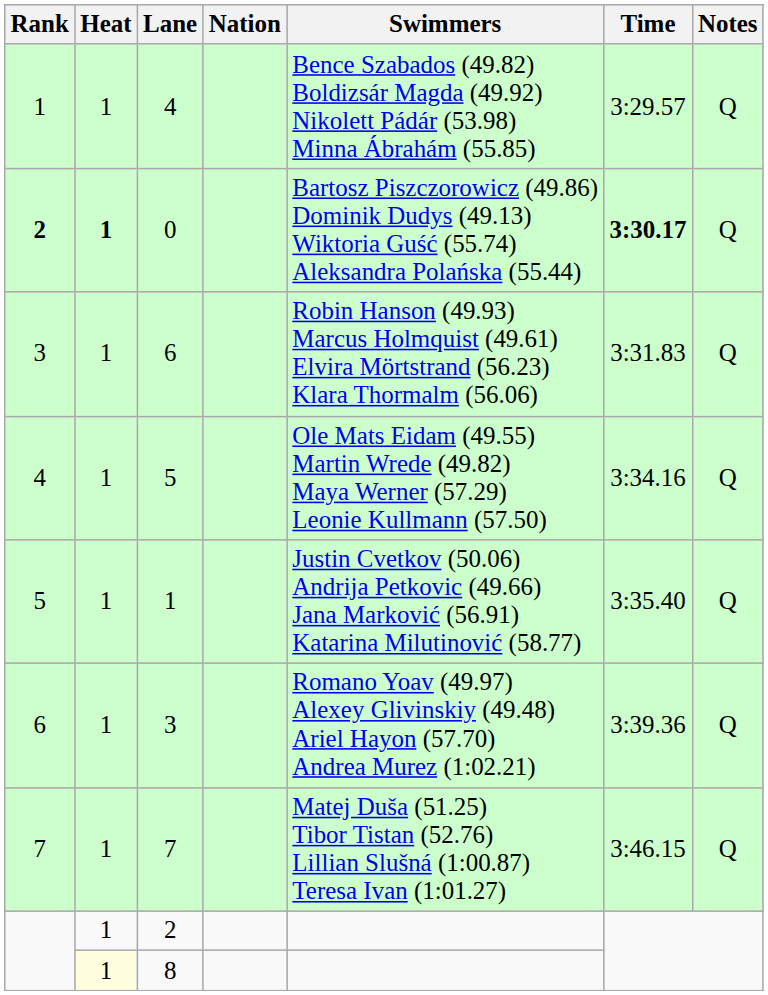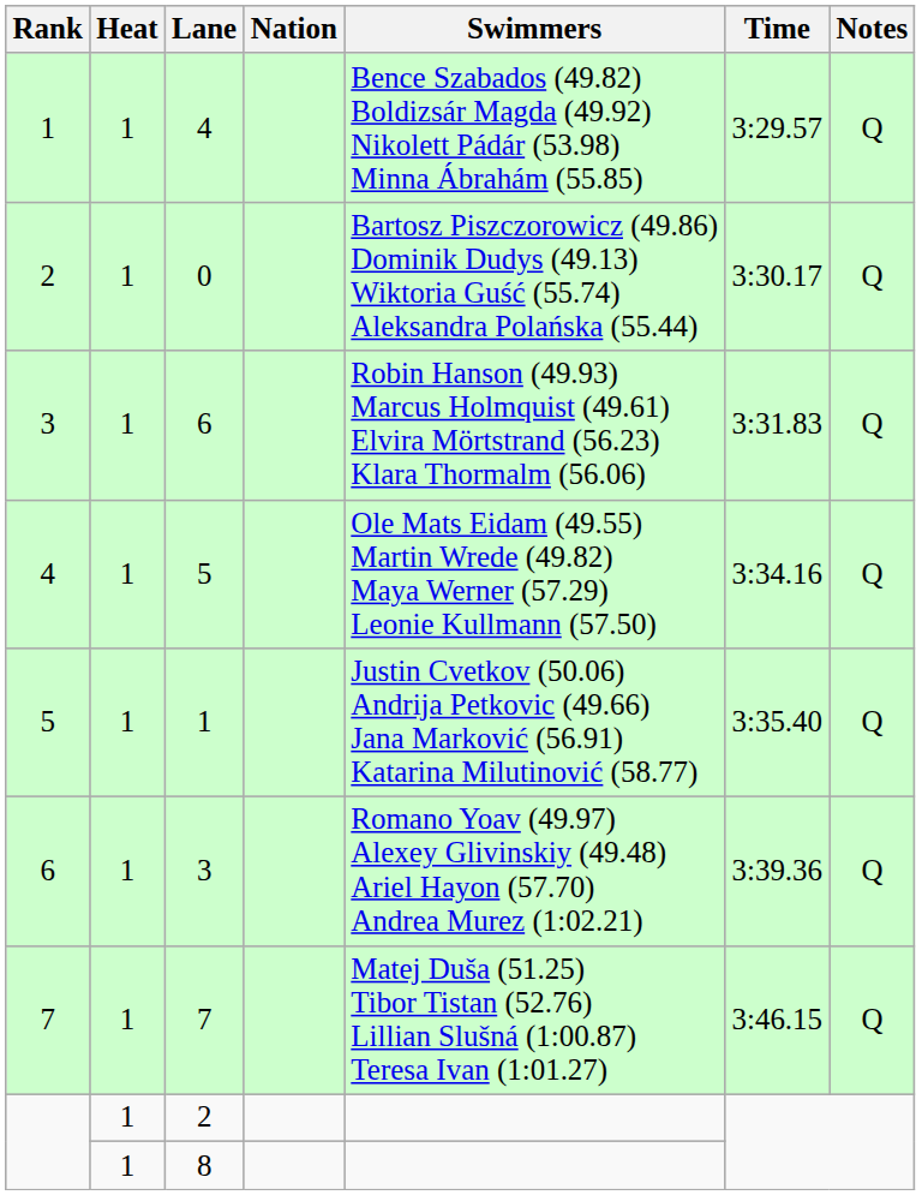 <table class="wikitable sortable" style="text-align:center">
 <tr>
 <th>Rank</th>
 <th>Heat</th>
 <th>Lane</th>
 <th>Nation</th>
 <th>Swimmers</th>
 <th>Time</th>
 <th>Notes</th>
 </tr>
 <tr bgcolor=ccffcc>
 <td>1</td>
 <td>1</td>
 <td>4</td>
 <td align=left></td>
 <td align=left><a href='#'>Bence Szabados</a> (49.82)<br><a href='#'>Boldizsár Magda</a> (49.92)<br><a href='#'>Nikolett Pádár</a> (53.98)<br><a href='#'>Minna Ábrahám</a> (55.85)</td>
 <td>3:29.57</td>
 <td>Q</td>
 </tr>
 <tr bgcolor=ccffcc>
-<td><strong>2</strong></td>
-<td><strong>1</strong></td>
+<td>2</td>
+<td>1</td>
 <td>0</td>
 <td align=left></td>
 <td align=left><a href='#'>Bartosz Piszczorowicz</a> (49.86)<br><a href='#'>Dominik Dudys</a> (49.13)<br><a href='#'>Wiktoria Guść</a> (55.74)<br><a href='#'>Aleksandra Polańska</a> (55.44)</td>
-<td><strong>3:30.17</strong></td>
+<td>3:30.17</td>
 <td>Q</td>
 </tr>
 <tr bgcolor=ccffcc>
 <td>3</td>
 <td>1</td>
 <td>6</td>
 <td align=left></td>
 <td align=left><a href='#'>Robin Hanson</a> (49.93)<br><a href='#'>Marcus Holmquist</a> (49.61)<br><a href='#'>Elvira Mörtstrand</a> (56.23)<br><a href='#'>Klara Thormalm</a> (56.06)</td>
 <td>3:31.83</td>
 <td>Q</td>
 </tr>
 <tr bgcolor=ccffcc>
 <td>4</td>
 <td>1</td>
 <td>5</td>
 <td align=left></td>
 <td align=left><a href='#'>Ole Mats Eidam</a> (49.55)<br><a href='#'>Martin Wrede</a> (49.82)<br><a href='#'>Maya Werner</a> (57.29)<br><a href='#'>Leonie Kullmann</a> (57.50)</td>
 <td>3:34.16</td>
 <td>Q</td>
 </tr>
 <tr bgcolor=ccffcc>
 <td>5</td>
 <td>1</td>
 <td>1</td>
 <td align=left></td>
 <td align=left><a href='#'>Justin Cvetkov</a> (50.06)<br><a href='#'>Andrija Petkovic</a> (49.66)<br><a href='#'>Jana Marković</a> (56.91)<br><a href='#'>Katarina Milutinović</a> (58.77)</td>
 <td>3:35.40</td>
 <td>Q</td>
 </tr>
 <tr bgcolor=ccffcc>
 <td>6</td>
 <td>1</td>
 <td>3</td>
 <td align=left></td>
 <td align=left><a href='#'>Romano Yoav</a> (49.97)<br><a href='#'>Alexey Glivinskiy</a> (49.48)<br><a href='#'>Ariel Hayon</a> (57.70)<br><a href='#'>Andrea Murez</a> (1:02.21)</td>
 <td>3:39.36</td>
 <td>Q</td>
 </tr>
 <tr bgcolor=ccffcc>
 <td>7</td>
 <td>1</td>
 <td>7</td>
 <td align=left></td>
 <td align=left><a href='#'>Matej Duša</a> (51.25)<br><a href='#'>Tibor Tistan</a> (52.76)<br><a href='#'>Lillian Slušná</a> (1:00.87)<br><a href='#'>Teresa Ivan</a> (1:01.27)</td>
 <td>3:46.15</td>
 <td>Q</td>
 </tr>
 <tr>
 <td rowspan=2></td>
 <td>1</td>
 <td>2</td>
 <td align=left></td>
 <td align=left></td>
 <td colspan=2 rowspan=2></td>
 </tr>
 <tr>
-<td style="background: lightyellow;">1</td>
+<td>1</td>
 <td>8</td>
 <td align=left></td>
 <td align=left></td>
 </tr>
 </table>
